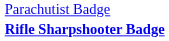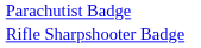 <table>
 <tr>
 <td> <a href='#'>Parachutist Badge</a></td>
 </tr>
 <tr>
-<td><strong> <a href='#'>Rifle Sharpshooter Badge</a></strong></td>
+<td> <a href='#'>Rifle Sharpshooter Badge</a></td>
 </tr>
 </table>
